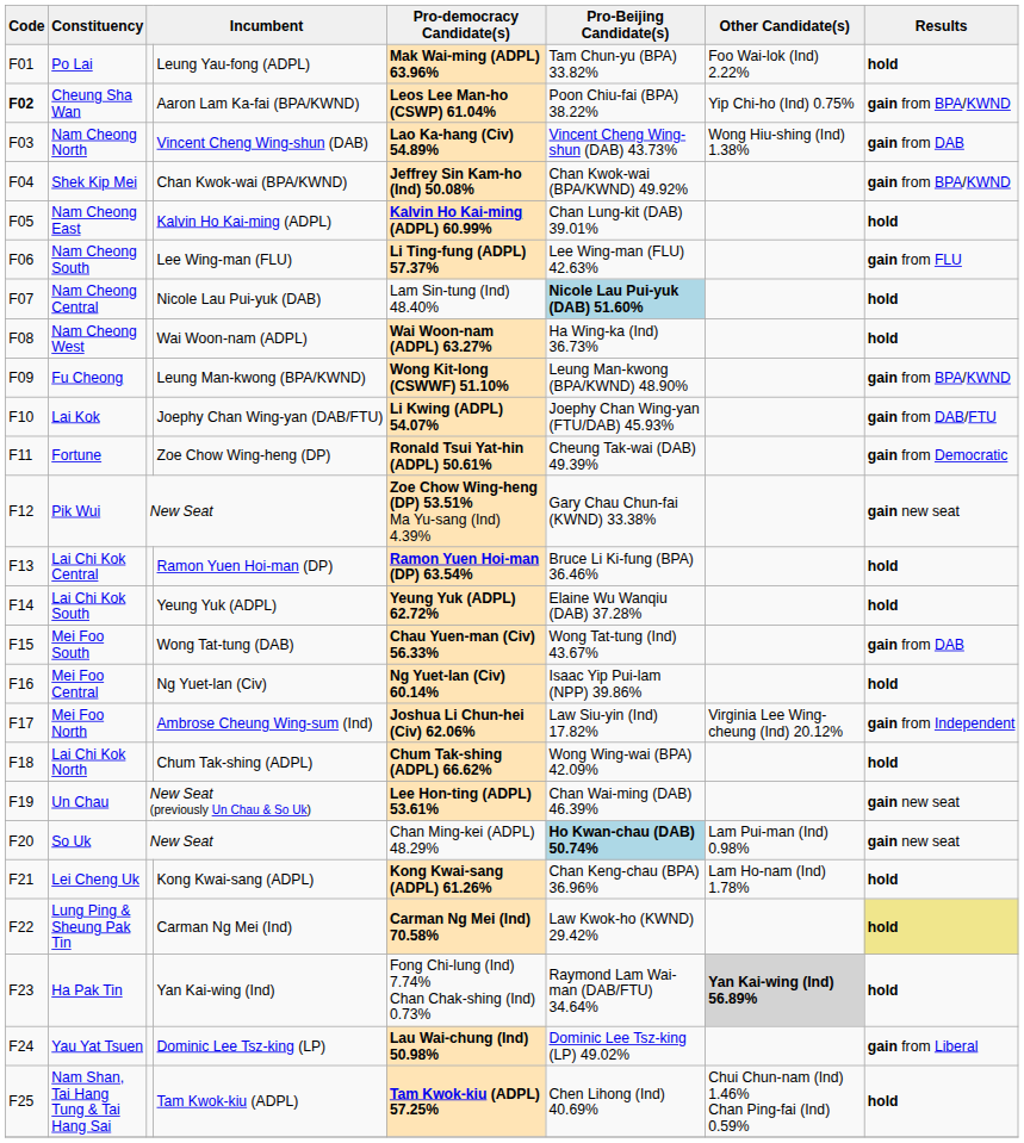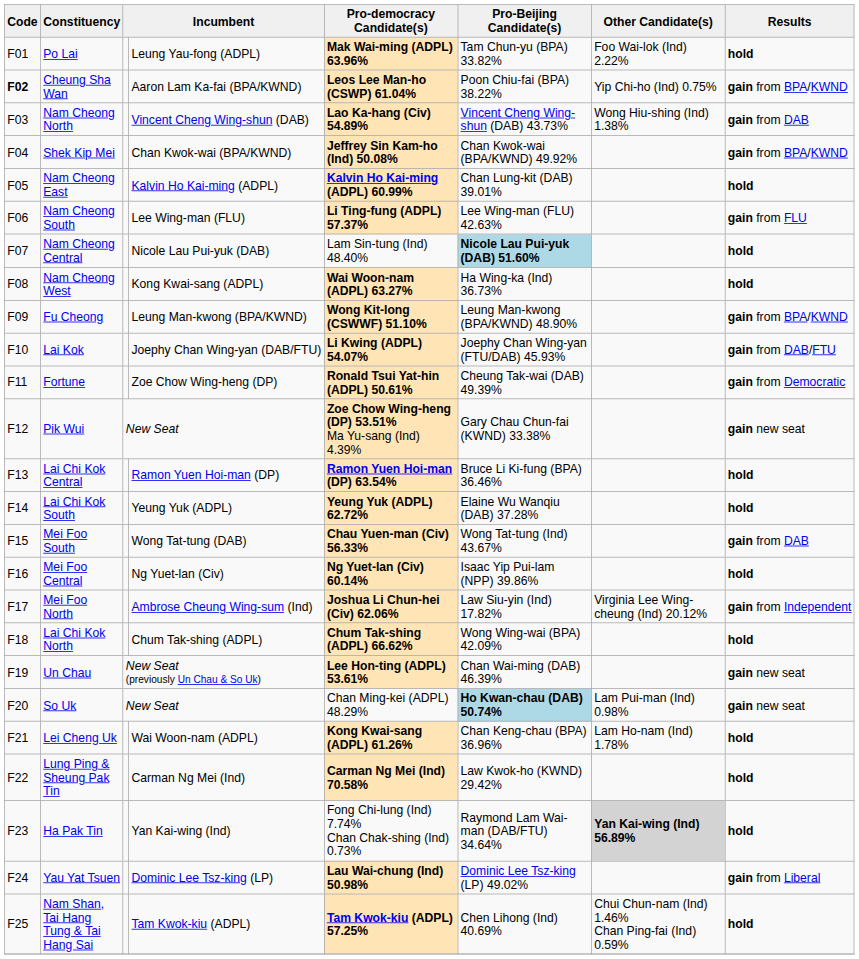 <table class="wikitable sortable" style="font-size: 95%;">
 <tr>
 <th align="center" style="background:#f0f0f0;" width="20px">Code</th>
 <th align="center" style="background:#f0f0f0;" width="90px">Constituency</th>
 <th align="center" style="background:#f0f0f0;" width="120px" colspan=2>Incumbent</th>
 <th align="center" style="background:#f0f0f0;" width="160px">Pro-democracy Candidate(s)</th>
 <th align="center" style="background:#f0f0f0;" width="160px">Pro-Beijing Candidate(s)</th>
 <th align="center" style="background:#f0f0f0;" width="160px">Other Candidate(s)</th>
 <th align="center" style="background:#f0f0f0;" width="100px" colspan="2">Results</th>
 </tr>
 <tr>
 <td>F01</td>
 <td><a href='#'>Po Lai</a></td>
 <td></td>
 <td>Leung Yau-fong (ADPL)</td>
 <td style="background-color:Moccasin"><strong>Mak Wai-ming (ADPL) 63.96%</strong></td>
 <td>Tam Chun-yu (BPA) 33.82%</td>
 <td>Foo Wai-lok (Ind) 2.22%</td>
 <td> <strong>hold</strong></td>
 </tr>
 <tr>
 <td><strong>F02</strong></td>
 <td><a href='#'>Cheung Sha Wan</a></td>
 <td></td>
 <td>Aaron Lam Ka-fai (BPA/KWND)</td>
 <td style="background-color:Moccasin"><strong>Leos Lee Man-ho (CSWP) 61.04%</strong></td>
 <td>Poon Chiu-fai (BPA) 38.22%</td>
 <td>Yip Chi-ho (Ind) 0.75%</td>
 <td> <strong>gain</strong> from <a href='#'>BPA</a>/<a href='#'>KWND</a></td>
 </tr>
 <tr>
 <td>F03</td>
 <td><a href='#'>Nam Cheong North</a></td>
 <td></td>
 <td><a href='#'>Vincent Cheng Wing-shun</a> (DAB)</td>
 <td style="background-color:Moccasin"><strong>Lao Ka-hang (Civ) 54.89%</strong></td>
 <td><a href='#'>Vincent Cheng Wing-shun</a> (DAB) 43.73%</td>
 <td>Wong Hiu-shing (Ind) 1.38%</td>
 <td> <strong>gain</strong> from <a href='#'>DAB</a></td>
 </tr>
 <tr>
 <td>F04</td>
 <td><a href='#'>Shek Kip Mei</a></td>
 <td></td>
 <td>Chan Kwok-wai (BPA/KWND)</td>
 <td style="background-color:Moccasin"><strong>Jeffrey Sin Kam-ho (Ind) 50.08%</strong></td>
 <td>Chan Kwok-wai (BPA/KWND) 49.92%</td>
 <td></td>
 <td> <strong>gain</strong>  from <a href='#'>BPA</a>/<a href='#'>KWND</a></td>
 </tr>
 <tr>
 <td>F05</td>
 <td><a href='#'>Nam Cheong East</a></td>
 <td></td>
 <td><a href='#'>Kalvin Ho Kai-ming</a> (ADPL)</td>
 <td style="background-color:Moccasin"><strong><a href='#'>Kalvin Ho Kai-ming</a> (ADPL) 60.99%</strong></td>
 <td>Chan Lung-kit (DAB) 39.01%</td>
 <td></td>
 <td> <strong>hold</strong></td>
 </tr>
 <tr>
 <td>F06</td>
 <td><a href='#'>Nam Cheong South</a></td>
 <td></td>
 <td>Lee Wing-man (FLU)</td>
 <td style="background-color:Moccasin"><strong>Li Ting-fung (ADPL) 57.37%</strong></td>
 <td>Lee Wing-man (FLU) 42.63%</td>
 <td></td>
 <td> <strong>gain</strong> from <a href='#'>FLU</a></td>
 </tr>
 <tr>
 <td>F07</td>
 <td><a href='#'>Nam Cheong Central</a></td>
 <td></td>
 <td>Nicole Lau Pui-yuk (DAB)</td>
 <td>Lam Sin-tung (Ind) 48.40%</td>
 <td style="background-color:LightBlue"><strong>Nicole Lau Pui-yuk (DAB) 51.60%</strong></td>
 <td></td>
 <td> <strong>hold</strong></td>
 </tr>
 <tr>
 <td>F08</td>
 <td><a href='#'>Nam Cheong West</a></td>
 <td></td>
-<td>Wai Woon-nam (ADPL)</td>
+<td>Kong Kwai-sang (ADPL)</td>
 <td style="background-color:Moccasin"><strong>Wai Woon-nam (ADPL) 63.27%</strong></td>
 <td>Ha Wing-ka (Ind) 36.73%</td>
 <td></td>
 <td> <strong>hold</strong></td>
 </tr>
 <tr>
 <td>F09</td>
 <td><a href='#'>Fu Cheong</a></td>
 <td></td>
 <td>Leung Man-kwong (BPA/KWND)</td>
 <td style="background-color:Moccasin"><strong>Wong Kit-long (CSWWF) 51.10%</strong></td>
 <td>Leung Man-kwong (BPA/KWND) 48.90%</td>
 <td></td>
 <td> <strong>gain</strong> from <a href='#'>BPA</a>/<a href='#'>KWND</a></td>
 </tr>
 <tr>
 <td>F10</td>
 <td><a href='#'>Lai Kok</a></td>
 <td></td>
 <td>Joephy Chan Wing-yan (DAB/FTU)</td>
 <td style="background-color:Moccasin"><strong>Li Kwing (ADPL) 54.07%</strong></td>
 <td>Joephy Chan Wing-yan (FTU/DAB) 45.93%</td>
 <td></td>
 <td> <strong>gain</strong> from <a href='#'>DAB</a>/<a href='#'>FTU</a></td>
 </tr>
 <tr>
 <td>F11</td>
 <td><a href='#'>Fortune</a></td>
 <td></td>
 <td>Zoe Chow Wing-heng (DP)</td>
 <td style="background-color:Moccasin"><strong>Ronald Tsui Yat-hin (ADPL) 50.61%</strong></td>
 <td>Cheung Tak-wai (DAB) 49.39%</td>
 <td></td>
 <td> <strong>gain</strong> from <a href='#'>Democratic</a></td>
 </tr>
 <tr>
 <td>F12</td>
 <td><a href='#'>Pik Wui</a></td>
 <td colspan=2><em>New Seat</em></td>
 <td style="background-color:Moccasin"><strong>Zoe Chow Wing-heng (DP) 53.51%</strong><br>Ma Yu-sang (Ind) 4.39%</td>
 <td>Gary Chau Chun-fai (KWND) 33.38%</td>
 <td></td>
 <td> <strong>gain</strong> new seat</td>
 </tr>
 <tr>
 <td>F13</td>
 <td><a href='#'>Lai Chi Kok Central</a></td>
 <td></td>
 <td><a href='#'>Ramon Yuen Hoi-man</a> (DP)</td>
 <td style="background-color:Moccasin"><strong><a href='#'>Ramon Yuen Hoi-man</a> (DP) 63.54%</strong></td>
 <td>Bruce Li Ki-fung (BPA) 36.46%</td>
 <td></td>
 <td> <strong>hold</strong></td>
 </tr>
 <tr>
 <td>F14</td>
 <td><a href='#'>Lai Chi Kok South</a></td>
 <td></td>
 <td>Yeung Yuk (ADPL)</td>
 <td style="background-color:Moccasin"><strong>Yeung Yuk (ADPL) 62.72%</strong></td>
 <td>Elaine Wu Wanqiu (DAB) 37.28%</td>
 <td></td>
 <td> <strong>hold</strong></td>
 </tr>
 <tr>
 <td>F15</td>
 <td><a href='#'>Mei Foo South</a></td>
 <td></td>
 <td>Wong Tat-tung (DAB)</td>
 <td style="background-color:Moccasin"><strong>Chau Yuen-man (Civ) 56.33%</strong></td>
 <td>Wong Tat-tung (Ind) 43.67%</td>
 <td></td>
 <td> <strong>gain</strong> from <a href='#'>DAB</a></td>
 </tr>
 <tr>
 <td>F16</td>
 <td><a href='#'>Mei Foo Central</a></td>
 <td></td>
 <td>Ng Yuet-lan (Civ)</td>
 <td style="background-color:Moccasin"><strong>Ng Yuet-lan (Civ) 60.14%</strong></td>
 <td>Isaac Yip Pui-lam (NPP) 39.86%</td>
 <td></td>
 <td> <strong>hold</strong></td>
 </tr>
 <tr>
 <td>F17</td>
 <td><a href='#'>Mei Foo North</a></td>
 <td></td>
 <td><a href='#'>Ambrose Cheung Wing-sum</a> (Ind)</td>
 <td style="background-color:Moccasin"><strong>Joshua Li Chun-hei (Civ) 62.06%</strong></td>
 <td>Law Siu-yin (Ind) 17.82%</td>
 <td>Virginia Lee Wing-cheung (Ind) 20.12%</td>
 <td> <strong>gain</strong> from <a href='#'>Independent</a></td>
 </tr>
 <tr>
 <td>F18</td>
 <td><a href='#'>Lai Chi Kok North</a></td>
 <td></td>
 <td>Chum Tak-shing (ADPL)</td>
 <td style="background-color:Moccasin"><strong>Chum Tak-shing (ADPL) 66.62%</strong></td>
 <td>Wong Wing-wai (BPA) 42.09%</td>
 <td></td>
 <td> <strong>hold</strong></td>
 </tr>
 <tr>
 <td>F19</td>
 <td><a href='#'>Un Chau</a></td>
 <td colspan=2><em>New Seat</em><br><small>(previously <a href='#'>Un Chau & So Uk</a>)</small></td>
 <td style="background-color:Moccasin"><strong>Lee Hon-ting (ADPL) 53.61%</strong></td>
 <td>Chan Wai-ming (DAB) 46.39%</td>
 <td></td>
 <td> <strong>gain</strong> new seat</td>
 </tr>
 <tr>
 <td>F20</td>
 <td><a href='#'>So Uk</a></td>
 <td colspan=2><em>New Seat</em></td>
 <td>Chan Ming-kei (ADPL) 48.29%</td>
 <td style="background-color:LightBlue"><strong>Ho Kwan-chau (DAB) 50.74%</strong></td>
 <td>Lam Pui-man (Ind) 0.98%</td>
 <td> <strong>gain</strong> new seat</td>
 </tr>
 <tr>
 <td>F21</td>
 <td><a href='#'>Lei Cheng Uk</a></td>
 <td></td>
-<td>Kong Kwai-sang (ADPL)</td>
+<td>Wai Woon-nam (ADPL)</td>
 <td style="background-color:Moccasin"><strong>Kong Kwai-sang (ADPL) 61.26%</strong></td>
 <td>Chan Keng-chau (BPA) 36.96%</td>
 <td>Lam Ho-nam (Ind) 1.78%</td>
 <td> <strong>hold</strong></td>
 </tr>
 <tr>
 <td>F22</td>
 <td><a href='#'>Lung Ping & Sheung Pak Tin</a></td>
 <td></td>
 <td>Carman Ng Mei (Ind)</td>
 <td style="background-color:Moccasin"><strong>Carman Ng Mei (Ind) 70.58%</strong></td>
 <td>Law Kwok-ho (KWND) 29.42%</td>
 <td></td>
-<td style="background: khaki;"> <strong>hold</strong></td>
+<td> <strong>hold</strong></td>
 </tr>
 <tr>
 <td>F23</td>
 <td><a href='#'>Ha Pak Tin</a></td>
 <td></td>
 <td>Yan Kai-wing (Ind)</td>
 <td>Fong Chi-lung (Ind) 7.74%<br>Chan Chak-shing (Ind) 0.73%</td>
 <td>Raymond Lam Wai-man (DAB/FTU) 34.64%</td>
 <td style="background-color:lightgray"><strong>Yan Kai-wing (Ind) 56.89%</strong></td>
 <td> <strong>hold</strong></td>
 </tr>
 <tr>
 <td>F24</td>
 <td><a href='#'>Yau Yat Tsuen</a></td>
 <td></td>
 <td><a href='#'>Dominic Lee Tsz-king</a> (LP)</td>
 <td style="background-color:Moccasin"><strong>Lau Wai-chung (Ind) 50.98%</strong></td>
 <td><a href='#'>Dominic Lee Tsz-king</a> (LP) 49.02%</td>
 <td></td>
 <td> <strong>gain</strong> from <a href='#'>Liberal</a></td>
 </tr>
 <tr>
 <td>F25</td>
 <td><a href='#'>Nam Shan, Tai Hang Tung & Tai Hang Sai</a></td>
 <td></td>
 <td><a href='#'>Tam Kwok-kiu</a> (ADPL)</td>
 <td style="background-color:Moccasin"><strong><a href='#'>Tam Kwok-kiu</a> (ADPL) 57.25%</strong></td>
 <td>Chen Lihong (Ind) 40.69%</td>
 <td>Chui Chun-nam (Ind) 1.46%<br>Chan Ping-fai (Ind) 0.59%</td>
 <td> <strong>hold</strong></td>
 </tr>
 <tr>
 </tr>
 </table>
